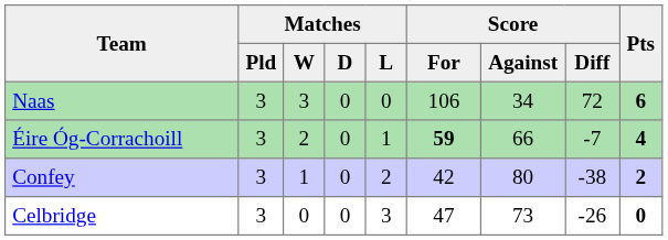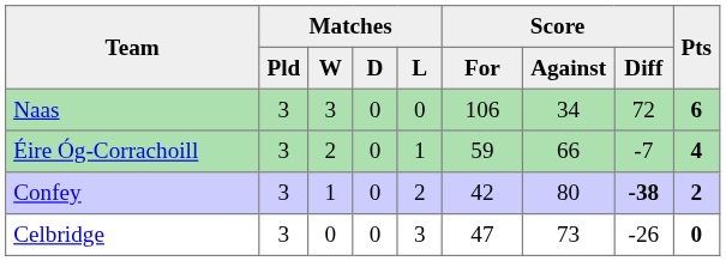 <table style=border-collapse:collapse border=1 cellspacing=0 cellpadding=5>
 <tr align=center bgcolor=#efefef>
 <th rowspan=2 width=165>Team</th>
 <th colspan=4>Matches</th>
 <th colspan=3>Score</th>
 <th rowspan=2width=20>Pts</th>
 </tr>
 <tr align=center bgcolor=#efefef>
 <th width=20>Pld</th>
 <th width=20>W</th>
 <th width=20>D</th>
 <th width=20>L</th>
 <th width=45>For</th>
 <th width=45>Against</th>
 <th width=30>Diff</th>
 </tr>
 <tr align=center style="background:#ACE1AF;">
 <td style="text-align:left;"><a href='#'>Naas</a></td>
 <td>3</td>
 <td>3</td>
 <td>0</td>
 <td>0</td>
 <td>106</td>
 <td>34</td>
 <td>72</td>
 <td><strong>6</strong></td>
 </tr>
 <tr align=center style="background:#ACE1AF;">
 <td style="text-align:left;"><a href='#'>Éire Óg-Corrachoill</a></td>
 <td>3</td>
 <td>2</td>
 <td>0</td>
 <td>1</td>
-<td><strong>59</strong></td>
+<td>59</td>
 <td>66</td>
 <td>-7</td>
 <td><strong>4</strong></td>
 </tr>
 <tr align=center style="background:#ccccff;">
 <td style="text-align:left;"><a href='#'>Confey</a></td>
 <td>3</td>
 <td>1</td>
 <td>0</td>
 <td>2</td>
 <td>42</td>
 <td>80</td>
-<td>-38</td>
+<td><strong>-38</strong></td>
 <td><strong>2</strong></td>
 </tr>
 <tr align=center>
 <td style="text-align:left;"><a href='#'>Celbridge</a></td>
 <td>3</td>
 <td>0</td>
 <td>0</td>
 <td>3</td>
 <td>47</td>
 <td>73</td>
 <td>-26</td>
 <td><strong>0</strong></td>
 </tr>
 </table>
